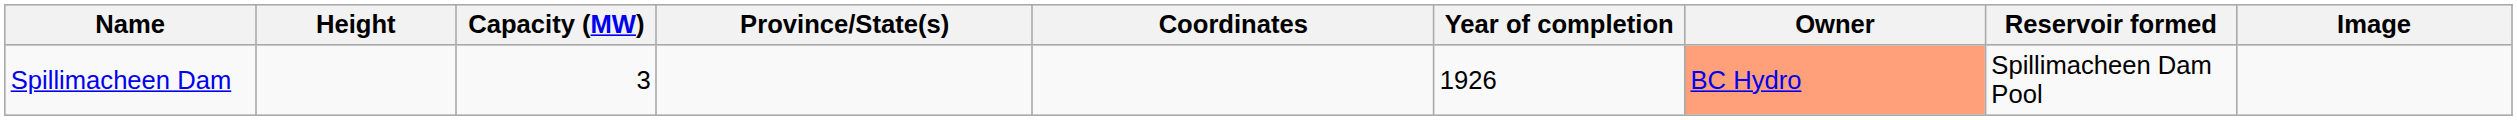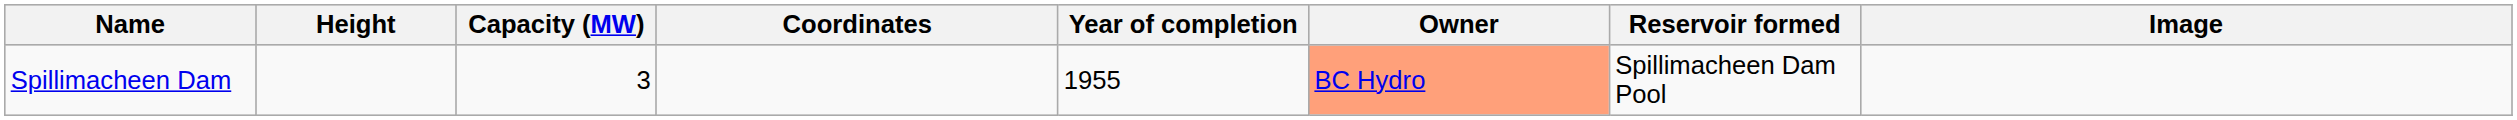 <table class="wikitable sortable" border="1">
 <tr>
 <th width="10%">Name</th>
 <th width="8%">Height</th>
 <th width="8%">Capacity (<a href='#'>MW</a>)</th>
-<th width="15%">Province/State(s)</th>
 <th width="16%">Coordinates</th>
 <th width="10%">Year of completion</th>
 <th width="12%">Owner</th>
 <th width="10%">Reservoir formed</th>
 <th>Image</th>
 </tr>
 <tr>
 <td><a href='#'>Spillimacheen Dam</a></td>
 <td></td>
 <td align="right">3</td>
 <td></td>
-<td></td>
-<td>1926</td>
+<td>1955</td>
 <td style="background: lightsalmon;"><a href='#'>BC Hydro</a></td>
 <td>Spillimacheen Dam Pool</td>
 <td></td>
 </tr>
 </table>
